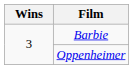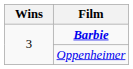 <table class="wikitable" rowspan="2" style="text-align:center" background: #f6e39c;>
 <tr>
 <th scope="col" style="width:55px;">Wins</th>
 <th scope="col" style="text-align:center;">Film</th>
 </tr>
 <tr>
 <td rowspan="2" style="text-align:center">3</td>
-<td><em><a href='#'>Barbie</a></em></td>
+<td><strong><em><a href='#'>Barbie</a></em></strong></td>
 </tr>
 <tr>
 <td><em><a href='#'>Oppenheimer</a></em></td>
 </tr>
 </table>
